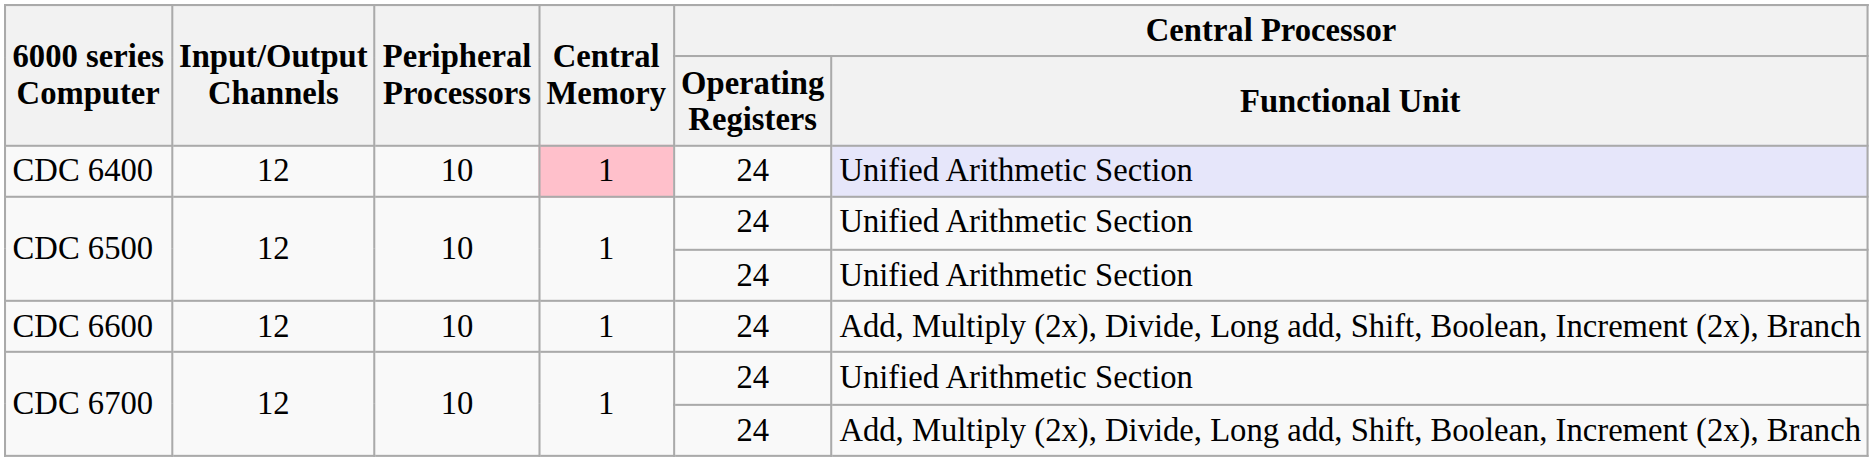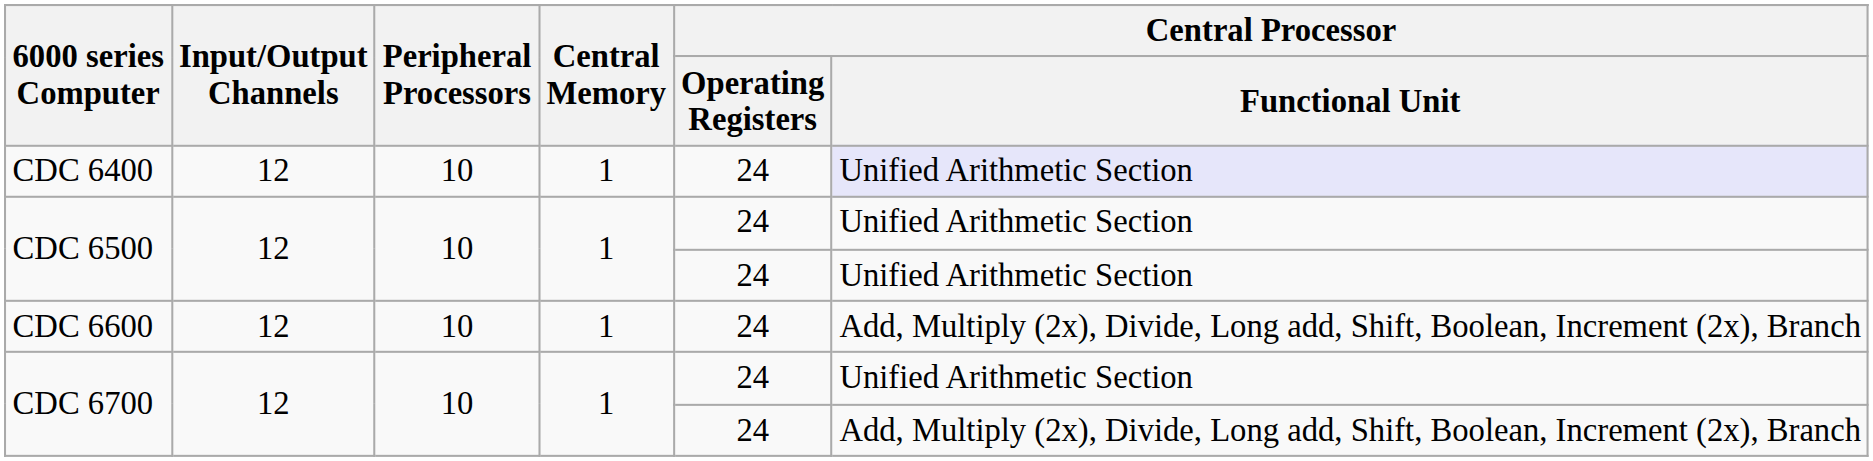 <table class=wikitable>
 <tr>
 </tr>
 <tr>
 <th rowspan=2>6000 series<br>Computer</th>
 <th rowspan=2>Input/Output<br>Channels</th>
 <th rowspan=2>Peripheral<br>Processors</th>
 <th rowspan=2>Central<br>Memory</th>
 <th colspan=2>Central Processor</th>
 </tr>
 <tr>
 <th>Operating<br>Registers</th>
 <th>Functional Unit</th>
 </tr>
 <tr align=center>
 <td align=left>CDC 6400</td>
 <td>12</td>
 <td>10</td>
-<td style="background: pink;">1</td>
+<td>1</td>
 <td>24</td>
 <td align=left style="background: lavender;">Unified Arithmetic Section</td>
 </tr>
 <tr align=center>
 <td align=left rowspan=2>CDC 6500</td>
 <td rowspan=2>12</td>
 <td rowspan=2>10</td>
 <td rowspan=2>1</td>
 <td>24</td>
 <td align=left>Unified Arithmetic Section</td>
 </tr>
 <tr align=center>
 <td>24</td>
 <td align=left>Unified Arithmetic Section</td>
 </tr>
 <tr align=center>
 <td align=left>CDC 6600</td>
 <td>12</td>
 <td>10</td>
 <td>1</td>
 <td>24</td>
 <td align=left>Add, Multiply (2x), Divide, Long add, Shift, Boolean, Increment (2x), Branch</td>
 </tr>
 <tr align=center>
 <td align=left rowspan=2>CDC 6700</td>
 <td rowspan=2>12</td>
 <td rowspan=2>10</td>
 <td rowspan=2>1</td>
 <td>24</td>
 <td align=left>Unified Arithmetic Section</td>
 </tr>
 <tr align=center>
 <td>24</td>
 <td align=left>Add, Multiply (2x), Divide, Long add, Shift, Boolean, Increment (2x), Branch</td>
 </tr>
 </table>
